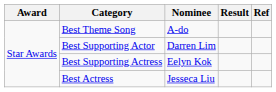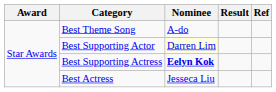 <table class="wikitable">
 <tr>
 <th>Award</th>
 <th>Category</th>
 <th>Nominee</th>
 <th>Result</th>
 <th>Ref</th>
 </tr>
 <tr>
 <td rowspan="4"><a href='#'>Star Awards</a></td>
 <td><a href='#'>Best Theme Song</a></td>
 <td><a href='#'>A-do</a></td>
 <td></td>
 <td></td>
 </tr>
 <tr>
 <td><a href='#'>Best Supporting Actor</a></td>
-<td><a href='#'>Darren Lim</a></td>
+<td style="background: lightyellow;"><a href='#'>Darren Lim</a></td>
 <td></td>
 <td></td>
 </tr>
 <tr>
 <td><a href='#'>Best Supporting Actress</a></td>
-<td><a href='#'>Eelyn Kok</a></td>
+<td><strong><a href='#'>Eelyn Kok</a></strong></td>
 <td></td>
 <td></td>
 </tr>
 <tr>
 <td><a href='#'>Best Actress</a></td>
 <td><a href='#'>Jesseca Liu</a></td>
 <td></td>
 <td></td>
 </tr>
 </table>
